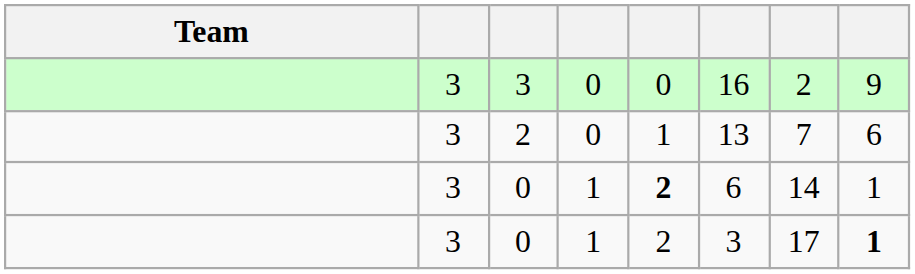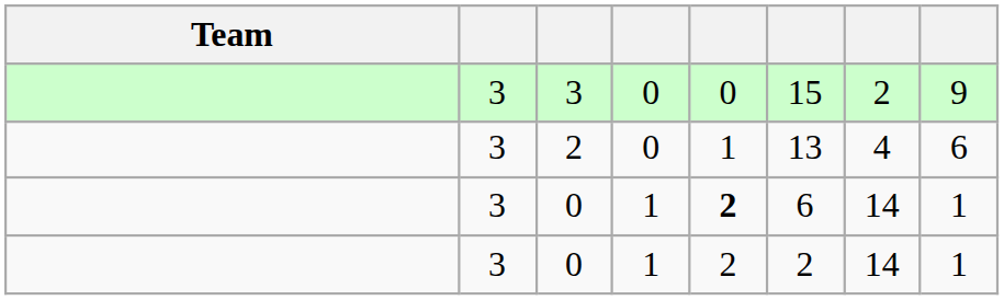 <table class="wikitable" style="text-align: center; font-size: 90%;">
 <tr>
 <th width=180>Team</th>
 <th width=25></th>
 <th width=25></th>
 <th width=25></th>
 <th width=25></th>
 <th width=25></th>
 <th width=25></th>
 <th width=25></th>
 </tr>
 <tr bgcolor=#ccffcc>
 <td align=left></td>
 <td>3</td>
 <td>3</td>
 <td>0</td>
 <td>0</td>
-<td>16</td>
+<td>15</td>
 <td>2</td>
 <td>9</td>
 </tr>
 <tr>
 <td align=left></td>
 <td>3</td>
 <td>2</td>
 <td>0</td>
 <td>1</td>
 <td>13</td>
-<td>7</td>
+<td>4</td>
 <td>6</td>
 </tr>
 <tr>
 <td align=left></td>
 <td>3</td>
 <td>0</td>
 <td>1</td>
 <td><strong>2</strong></td>
 <td>6</td>
 <td>14</td>
 <td>1</td>
 </tr>
 <tr>
 <td align=left></td>
 <td>3</td>
 <td>0</td>
 <td>1</td>
 <td>2</td>
-<td>3</td>
-<td>17</td>
-<td><strong>1</strong></td>
+<td>2</td>
+<td>14</td>
+<td>1</td>
 </tr>
 </table>
